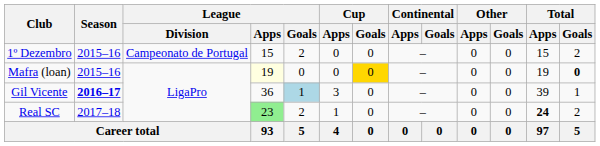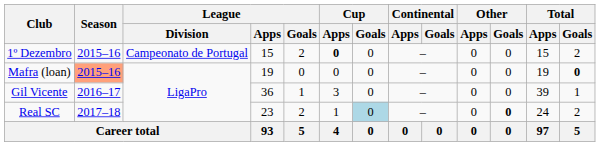 <table class="wikitable" style="text-align: center">
 <tr>
 <th rowspan="2">Club</th>
 <th rowspan="2">Season</th>
 <th colspan="3">League</th>
 <th colspan="2">Cup</th>
 <th colspan="2">Continental</th>
 <th colspan="2">Other</th>
 <th colspan="2">Total</th>
 </tr>
 <tr>
 <th>Division</th>
 <th>Apps</th>
 <th>Goals</th>
 <th>Apps</th>
 <th>Goals</th>
 <th>Apps</th>
 <th>Goals</th>
 <th>Apps</th>
 <th>Goals</th>
 <th>Apps</th>
 <th>Goals</th>
 </tr>
 <tr>
 <td><a href='#'>1º Dezembro</a></td>
 <td><a href='#'>2015–16</a></td>
 <td><a href='#'>Campeonato de Portugal</a></td>
 <td>15</td>
 <td>2</td>
-<td>0</td>
+<td><strong>0</strong></td>
 <td>0</td>
 <td colspan="2">–</td>
 <td>0</td>
 <td>0</td>
 <td>15</td>
 <td>2</td>
 </tr>
 <tr>
 <td><a href='#'>Mafra</a> (loan)</td>
-<td><a href='#'>2015–16</a></td>
+<td style="background: lightsalmon;"><a href='#'>2015–16</a></td>
 <td rowspan="3"><a href='#'>LigaPro</a></td>
-<td style="background: lightyellow;">19</td>
+<td>19</td>
 <td>0</td>
 <td>0</td>
-<td style="background: gold;">0</td>
+<td>0</td>
 <td colspan="2">–</td>
 <td>0</td>
 <td>0</td>
 <td>19</td>
 <td><strong>0</strong></td>
 </tr>
 <tr>
 <td><a href='#'>Gil Vicente</a></td>
-<td><strong><a href='#'>2016–17</a></strong></td>
+<td><a href='#'>2016–17</a></td>
 <td>36</td>
-<td style="background: lightblue;">1</td>
+<td>1</td>
 <td>3</td>
 <td>0</td>
 <td colspan="2">–</td>
 <td>0</td>
 <td>0</td>
 <td>39</td>
 <td>1</td>
 </tr>
 <tr>
 <td><a href='#'>Real SC</a></td>
 <td><a href='#'>2017–18</a></td>
-<td style="background: lightgreen;">23</td>
+<td>23</td>
 <td>2</td>
 <td>1</td>
-<td>0</td>
+<td style="background: lightblue;">0</td>
 <td colspan="2">–</td>
 <td>0</td>
-<td>0</td>
-<td><strong>24</strong></td>
+<td><strong>0</strong></td>
+<td>24</td>
 <td>2</td>
 </tr>
 <tr>
 <th colspan=3>Career total</th>
 <th>93</th>
 <th>5</th>
 <th>4</th>
 <th>0</th>
 <th>0</th>
 <th>0</th>
 <th>0</th>
 <th>0</th>
 <th>97</th>
 <th>5</th>
 </tr>
 </table>
